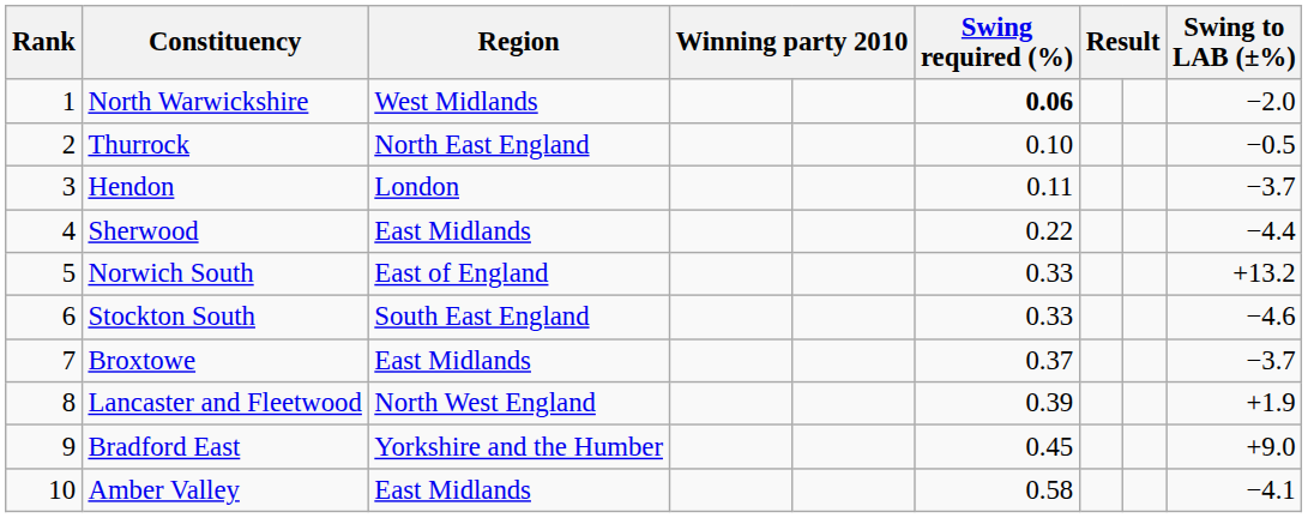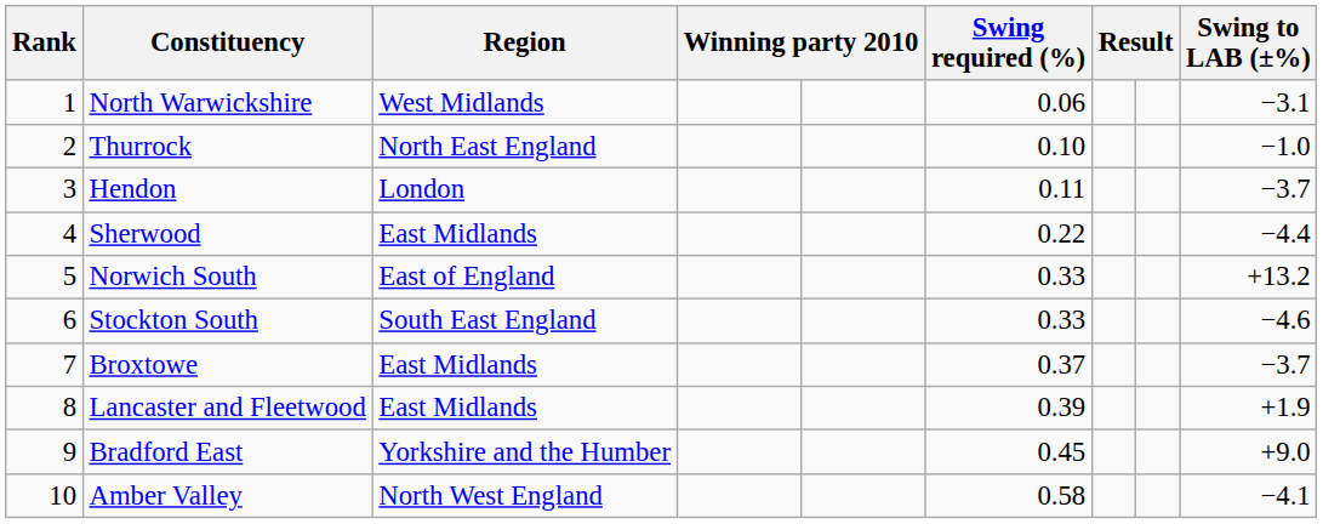 <table class="wikitable sortable">
 <tr>
 <th>Rank</th>
 <th>Constituency</th>
 <th>Region</th>
 <th colspan=2>Winning party 2010</th>
 <th data-sort-type="number"><a href='#'>Swing</a><br>required (%)</th>
 <th colspan=2>Result</th>
 <th data-sort-type="number">Swing to<br>LAB (±%)</th>
 </tr>
 <tr>
 <td style="text-align: right;">1</td>
 <td><a href='#'>North Warwickshire</a></td>
 <td><a href='#'>West Midlands</a></td>
 <td style="color:inherit;background-color: "></td>
 <td></td>
-<td style="text-align: right;"><strong>0.06</strong></td>
+<td style="text-align: right;">0.06</td>
 <td style="color:inherit;background-color: "></td>
 <td></td>
-<td style="text-align: right;">−2.0</td>
+<td style="text-align: right;">−3.1</td>
 </tr>
 <tr>
 <td style="text-align: right;">2</td>
 <td><a href='#'>Thurrock</a></td>
 <td><a href='#'>North East England</a></td>
 <td style="color:inherit;background-color: "></td>
 <td></td>
 <td style="text-align: right;">0.10</td>
 <td style="color:inherit;background-color: "></td>
 <td></td>
-<td style="text-align: right;">−0.5</td>
+<td style="text-align: right;">−1.0</td>
 </tr>
 <tr>
 <td style="text-align: right;">3</td>
 <td><a href='#'>Hendon</a></td>
 <td><a href='#'>London</a></td>
 <td style="color:inherit;background-color: "></td>
 <td></td>
 <td style="text-align: right;">0.11</td>
 <td style="color:inherit;background-color: "></td>
 <td></td>
 <td style="text-align: right;">−3.7</td>
 </tr>
 <tr>
 <td style="text-align: right;">4</td>
 <td><a href='#'>Sherwood</a></td>
 <td><a href='#'>East Midlands</a></td>
 <td style="color:inherit;background-color: "></td>
 <td></td>
 <td style="text-align: right;">0.22</td>
 <td style="color:inherit;background-color: "></td>
 <td></td>
 <td style="text-align: right;">−4.4</td>
 </tr>
 <tr>
 <td style="text-align: right;">5</td>
 <td><a href='#'>Norwich South</a></td>
 <td><a href='#'>East of England</a></td>
 <td style="color:inherit;background-color: "></td>
 <td></td>
 <td style="text-align: right;">0.33</td>
 <td style="color:inherit;background-color: "></td>
 <td></td>
 <td style="text-align: right;">+13.2</td>
 </tr>
 <tr>
 <td style="text-align: right;">6</td>
 <td><a href='#'>Stockton South</a></td>
 <td><a href='#'>South East England</a></td>
 <td style="color:inherit;background-color: "></td>
 <td></td>
 <td style="text-align: right;">0.33</td>
 <td style="color:inherit;background-color: "></td>
 <td></td>
 <td style="text-align: right;">−4.6</td>
 </tr>
 <tr>
 <td style="text-align: right;">7</td>
 <td><a href='#'>Broxtowe</a></td>
 <td><a href='#'>East Midlands</a></td>
 <td style="color:inherit;background-color: "></td>
 <td></td>
 <td style="text-align: right;">0.37</td>
 <td style="color:inherit;background-color: "></td>
 <td></td>
 <td style="text-align: right;">−3.7</td>
 </tr>
 <tr>
 <td style="text-align: right;">8</td>
 <td><a href='#'>Lancaster and Fleetwood</a></td>
-<td><a href='#'>North West England</a></td>
+<td><a href='#'>East Midlands</a></td>
 <td style="color:inherit;background-color: "></td>
 <td></td>
 <td style="text-align: right;">0.39</td>
 <td style="color:inherit;background-color: "></td>
 <td></td>
 <td style="text-align: right;">+1.9</td>
 </tr>
 <tr>
 <td style="text-align: right;">9</td>
 <td><a href='#'>Bradford East</a></td>
 <td><a href='#'>Yorkshire and the Humber</a></td>
 <td style="color:inherit;background-color: "></td>
 <td></td>
 <td style="text-align: right;">0.45</td>
 <td style="color:inherit;background-color: "></td>
 <td></td>
 <td style="text-align: right;">+9.0</td>
 </tr>
 <tr>
 <td style="text-align: right;">10</td>
 <td><a href='#'>Amber Valley</a></td>
-<td><a href='#'>East Midlands</a></td>
+<td><a href='#'>North West England</a></td>
 <td style="color:inherit;background-color: "></td>
 <td></td>
 <td style="text-align: right;">0.58</td>
 <td style="color:inherit;background-color: "></td>
 <td></td>
 <td style="text-align: right;">−4.1</td>
 </tr>
 </table>
